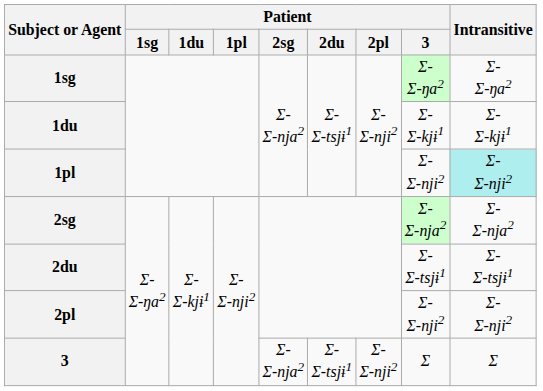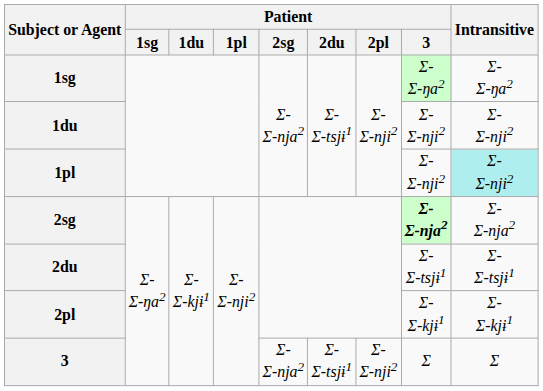 <table class="wikitable" style="text-align: center">
 <tr>
 <th ! rowspan="2">Subject or Agent</th>
 <th ! colspan="7">Patient</th>
 <th ! rowspan="2">Intransitive</th>
 </tr>
 <tr>
 <th>1sg</th>
 <th>1du</th>
 <th>1pl</th>
 <th>2sg</th>
 <th>2du</th>
 <th>2pl</th>
 <th>3</th>
 </tr>
 <tr>
 <th>1sg</th>
 <td colspan="3" rowspan="3"></td>
 <td rowspan="3"><em>Σ-</em><br><em>Σ-nja<sup>2</sup></em></td>
 <td rowspan="3"><em>Σ-</em><br><em>Σ-tsjɨ<sup>1</sup></em></td>
 <td rowspan="3"><em>Σ-</em><br><em>Σ-nji<sup>2</sup></em></td>
 <td style="background-color: #cfc"><em>Σ-</em><br><em>Σ-ŋa<sup>2</sup></em></td>
 <td><em>Σ-</em><br><em>Σ-ŋa<sup>2</sup></em></td>
 </tr>
 <tr>
 <th>1du</th>
-<td><em>Σ-</em><br><em>Σ-kjɨ<sup>1</sup></em></td>
-<td><em>Σ-</em><br><em>Σ-kjɨ<sup>1</sup></em></td>
+<td><em>Σ-</em><br><em>Σ-nji<sup>2</sup></em></td>
+<td><em>Σ-</em><br><em>Σ-nji<sup>2</sup></em></td>
 </tr>
 <tr>
 <th>1pl</th>
 <td><em>Σ-</em><br><em>Σ-nji<sup>2</sup></em></td>
 <td style="background: paleturquoise;"><em>Σ-</em><br><em>Σ-nji<sup>2</sup></em></td>
 </tr>
 <tr>
 <th>2sg</th>
 <td rowspan="4"><em>Σ-</em><br><em>Σ-ŋa<sup>2</sup></em></td>
 <td rowspan="4"><em>Σ-</em><br><em>Σ-kjɨ<sup>1</sup></em></td>
 <td rowspan="4"><em>Σ-</em><br><em>Σ-nji<sup>2</sup></em></td>
 <td colspan="3" rowspan="3"></td>
-<td style="background-color: #cfc"><em>Σ-</em><br><em>Σ-nja<sup>2</sup></em></td>
+<td style="background-color: #cfc"><strong><em>Σ-</em><br><em>Σ-nja<sup>2</sup></em></strong></td>
 <td><em>Σ-</em><br><em>Σ-nja<sup>2</sup></em></td>
 </tr>
 <tr>
 <th>2du</th>
 <td><em>Σ-</em><br><em>Σ-tsjɨ<sup>1</sup></em></td>
 <td><em>Σ-</em><br><em>Σ-tsjɨ<sup>1</sup></em></td>
 </tr>
 <tr>
 <th>2pl</th>
-<td><em>Σ-</em><br><em>Σ-nji<sup>2</sup></em></td>
-<td><em>Σ-</em><br><em>Σ-nji<sup>2</sup></em></td>
+<td><em>Σ-</em><br><em>Σ-kjɨ<sup>1</sup></em></td>
+<td><em>Σ-</em><br><em>Σ-kjɨ<sup>1</sup></em></td>
 </tr>
 <tr>
 <th>3</th>
 <td><em>Σ-</em><br><em>Σ-nja<sup>2</sup></em></td>
 <td><em>Σ-</em><br><em>Σ-tsjɨ<sup>1</sup></em></td>
 <td><em>Σ-</em><br><em>Σ-nji<sup>2</sup></em></td>
 <td><em>Σ</em></td>
 <td><em>Σ</em></td>
 </tr>
 </table>
